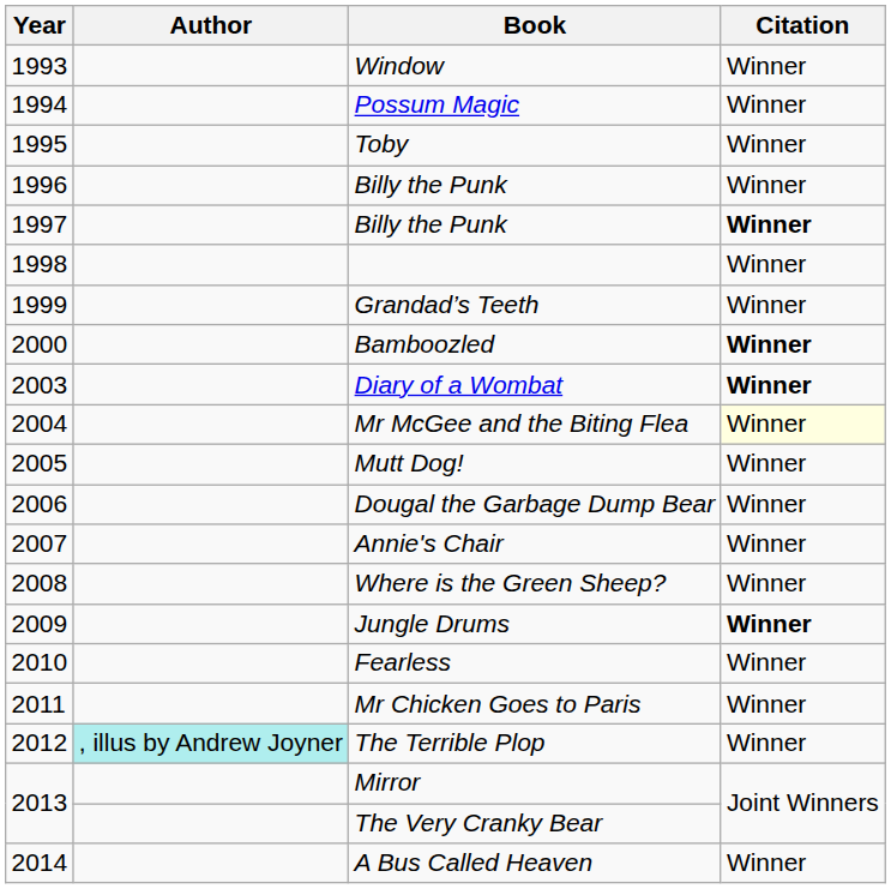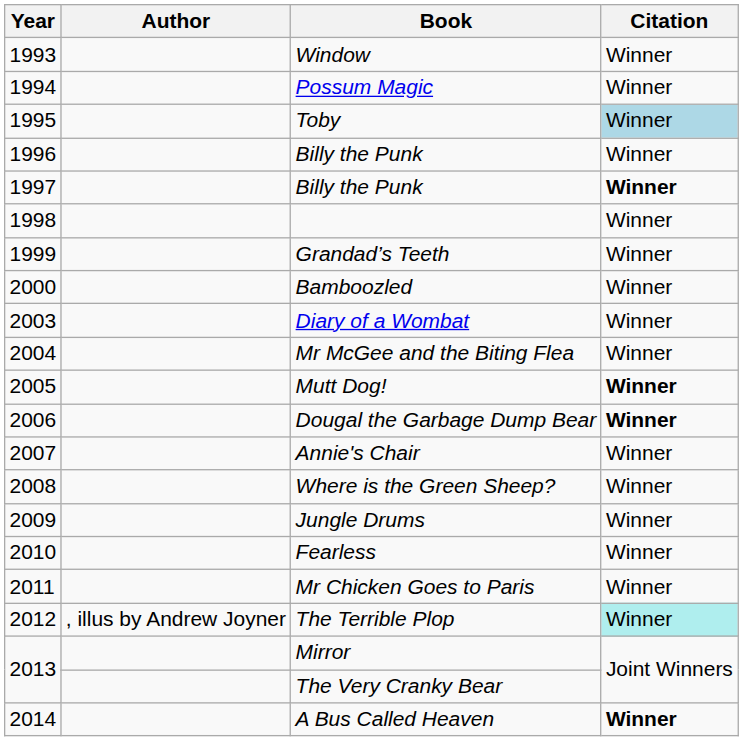 <table class="sortable wikitable">
 <tr>
 <th>Year</th>
 <th>Author</th>
 <th>Book</th>
 <th>Citation</th>
 </tr>
 <tr>
 <td>1993</td>
 <td></td>
 <td><em>Window</em></td>
 <td>Winner</td>
 </tr>
 <tr>
 <td>1994</td>
 <td></td>
 <td><em><a href='#'>Possum Magic</a></em></td>
 <td>Winner</td>
 </tr>
 <tr>
 <td>1995</td>
 <td></td>
 <td><em>Toby</em></td>
-<td>Winner</td>
+<td style="background: lightblue;">Winner</td>
 </tr>
 <tr>
 <td>1996</td>
 <td></td>
 <td><em>Billy the Punk</em></td>
 <td>Winner</td>
 </tr>
 <tr>
 <td>1997</td>
 <td></td>
 <td><em>Billy the Punk</em></td>
 <td><strong>Winner</strong></td>
 </tr>
 <tr>
 <td>1998</td>
 <td></td>
 <td></td>
 <td>Winner</td>
 </tr>
 <tr>
 <td>1999</td>
 <td></td>
 <td><em>Grandad’s Teeth</em></td>
 <td>Winner</td>
 </tr>
 <tr>
 <td>2000</td>
 <td></td>
 <td><em>Bamboozled</em></td>
-<td><strong>Winner</strong></td>
+<td>Winner</td>
 </tr>
 <tr>
 <td>2003</td>
 <td></td>
 <td><em><a href='#'>Diary of a Wombat</a></em></td>
-<td><strong>Winner</strong></td>
+<td>Winner</td>
 </tr>
 <tr>
 <td>2004</td>
 <td></td>
 <td><em>Mr McGee and the Biting Flea</em></td>
-<td style="background: lightyellow;">Winner</td>
+<td>Winner</td>
 </tr>
 <tr>
 <td>2005</td>
 <td></td>
 <td><em>Mutt Dog!</em></td>
-<td>Winner</td>
+<td><strong>Winner</strong></td>
 </tr>
 <tr>
 <td>2006</td>
 <td></td>
 <td><em>Dougal the Garbage Dump Bear</em></td>
-<td>Winner</td>
+<td><strong>Winner</strong></td>
 </tr>
 <tr>
 <td>2007</td>
 <td></td>
 <td><em>Annie's Chair</em></td>
 <td>Winner</td>
 </tr>
 <tr>
 <td>2008</td>
 <td></td>
 <td><em>Where is the Green Sheep?</em></td>
 <td>Winner</td>
 </tr>
 <tr>
 <td>2009</td>
 <td></td>
 <td><em>Jungle Drums</em></td>
-<td><strong>Winner</strong></td>
+<td>Winner</td>
 </tr>
 <tr>
 <td>2010</td>
 <td></td>
 <td><em>Fearless</em></td>
 <td>Winner</td>
 </tr>
 <tr>
 <td>2011</td>
 <td></td>
 <td><em>Mr Chicken Goes to Paris</em></td>
 <td>Winner</td>
 </tr>
 <tr>
 <td>2012</td>
-<td style="background: paleturquoise;">, illus by Andrew Joyner</td>
+<td>, illus by Andrew Joyner</td>
 <td><em>The Terrible Plop</em></td>
-<td>Winner</td>
+<td style="background: paleturquoise;">Winner</td>
 </tr>
 <tr>
 <td rowspan="2">2013</td>
 <td></td>
 <td><em>Mirror</em></td>
 <td rowspan="2">Joint Winners</td>
 </tr>
 <tr>
 <td></td>
 <td><em>The Very Cranky Bear</em></td>
 </tr>
 <tr>
 <td>2014</td>
 <td></td>
 <td><em>A Bus Called Heaven</em></td>
-<td>Winner</td>
+<td><strong>Winner</strong></td>
 </tr>
 </table>
